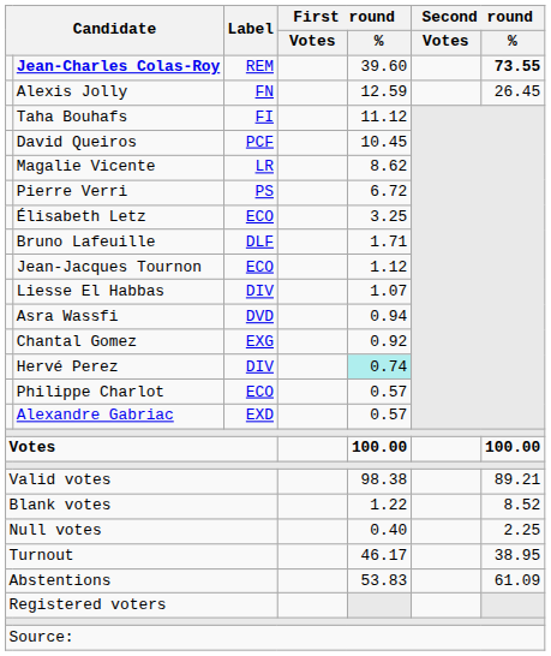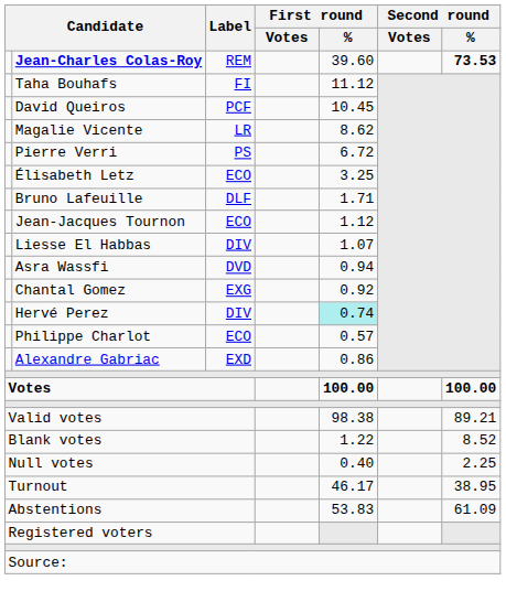 <table class="wikitable" style="text-align:right;font-size:95%;">
 <tr>
 <th rowspan="2" colspan="2">Candidate</th>
 <th rowspan="2">Label</th>
 <th colspan="2">First round</th>
 <th colspan="2">Second round</th>
 </tr>
 <tr>
 <th style="width:50px;">Votes</th>
 <th style="width:45px;">%</th>
 <th style="width:50px;">Votes</th>
 <th style="width:45px;">%</th>
 </tr>
 <tr>
 <td style="color:inherit;background:"></td>
 <td style="text-align:left;"><strong><a href='#'>Jean-Charles Colas-Roy</a></strong></td>
 <td><a href='#'>REM</a></td>
 <td></td>
 <td>39.60</td>
 <td><strong></strong></td>
-<td><strong>73.55</strong></td>
-</tr>
-<tr>
-<td style="color:inherit;background:"></td>
-<td style="text-align:left;">Alexis Jolly</td>
-<td><a href='#'>FN</a></td>
-<td></td>
-<td>12.59</td>
-<td></td>
-<td>26.45</td>
+<td><strong>73.53</strong></td>
 </tr>
 <tr>
 <td style="color:inherit;background:"></td>
 <td style="text-align:left;">Taha Bouhafs</td>
 <td><a href='#'>FI</a></td>
 <td></td>
 <td>11.12</td>
 <td colspan="2" rowspan="13" style="background:#E9E9E9;"></td>
 </tr>
 <tr>
 <td style="color:inherit;background:"></td>
 <td style="text-align:left;">David Queiros</td>
 <td><a href='#'>PCF</a></td>
 <td></td>
 <td>10.45</td>
 </tr>
 <tr>
 <td style="color:inherit;background:"></td>
 <td style="text-align:left;">Magalie Vicente</td>
 <td><a href='#'>LR</a></td>
 <td></td>
 <td>8.62</td>
 </tr>
 <tr>
 <td style="color:inherit;background:"></td>
 <td style="text-align:left;">Pierre Verri</td>
 <td><a href='#'>PS</a></td>
 <td></td>
 <td>6.72</td>
 </tr>
 <tr>
 <td style="color:inherit;background:"></td>
 <td style="text-align:left;">Élisabeth Letz</td>
 <td><a href='#'>ECO</a></td>
 <td></td>
 <td>3.25</td>
 </tr>
 <tr>
 <td style="color:inherit;background:"></td>
 <td style="text-align:left;">Bruno Lafeuille</td>
 <td><a href='#'>DLF</a></td>
 <td></td>
 <td>1.71</td>
 </tr>
 <tr>
 <td style="color:inherit;background:"></td>
 <td style="text-align:left;">Jean-Jacques Tournon</td>
 <td><a href='#'>ECO</a></td>
 <td></td>
 <td>1.12</td>
 </tr>
 <tr>
 <td style="color:inherit;background:"></td>
 <td style="text-align:left;">Liesse El Habbas</td>
 <td><a href='#'>DIV</a></td>
 <td></td>
 <td>1.07</td>
 </tr>
 <tr>
 <td style="color:inherit;background:"></td>
 <td style="text-align:left;">Asra Wassfi</td>
 <td><a href='#'>DVD</a></td>
 <td></td>
 <td>0.94</td>
 </tr>
 <tr>
 <td style="color:inherit;background:"></td>
 <td style="text-align:left;">Chantal Gomez</td>
 <td><a href='#'>EXG</a></td>
 <td></td>
 <td>0.92</td>
 </tr>
 <tr>
 <td style="color:inherit;background:"></td>
 <td style="text-align:left;">Hervé Perez</td>
 <td><a href='#'>DIV</a></td>
 <td></td>
 <td style="background: paleturquoise;">0.74</td>
 </tr>
 <tr>
 <td style="color:inherit;background:"></td>
 <td style="text-align:left;">Philippe Charlot</td>
 <td><a href='#'>ECO</a></td>
 <td></td>
 <td>0.57</td>
 </tr>
 <tr>
 <td style="color:inherit;background:"></td>
 <td style="text-align:left;"><a href='#'>Alexandre Gabriac</a></td>
 <td><a href='#'>EXD</a></td>
 <td></td>
-<td>0.57</td>
+<td>0.86</td>
 </tr>
 <tr>
 <td colspan="7" style="background:#E9E9E9;"></td>
 </tr>
 <tr style="font-weight:bold;">
 <td colspan="3" style="text-align:left;">Votes</td>
 <td></td>
 <td>100.00</td>
 <td></td>
 <td>100.00</td>
 </tr>
 <tr>
 <td colspan="7" style="background:#E9E9E9;"></td>
 </tr>
 <tr>
 <td colspan="3" style="text-align:left;">Valid votes</td>
 <td></td>
 <td>98.38</td>
 <td></td>
 <td>89.21</td>
 </tr>
 <tr>
 <td colspan="3" style="text-align:left;">Blank votes</td>
 <td></td>
 <td>1.22</td>
 <td></td>
 <td>8.52</td>
 </tr>
 <tr>
 <td colspan="3" style="text-align:left;">Null votes</td>
 <td></td>
 <td>0.40</td>
 <td></td>
 <td>2.25</td>
 </tr>
 <tr>
 <td colspan="3" style="text-align:left;">Turnout</td>
 <td></td>
 <td>46.17</td>
 <td></td>
 <td>38.95</td>
 </tr>
 <tr>
 <td colspan="3" style="text-align:left;">Abstentions</td>
 <td></td>
 <td>53.83</td>
 <td></td>
 <td>61.09</td>
 </tr>
 <tr>
 <td colspan="3" style="text-align:left;">Registered voters</td>
 <td></td>
 <td style="color:inherit;background:#E9E9E9;"></td>
 <td></td>
 <td style="color:inherit;background:#E9E9E9;"></td>
 </tr>
 <tr>
 <td colspan="7" style="background:#E9E9E9;"></td>
 </tr>
 <tr>
 <td colspan="7" style="text-align:left;">Source: </td>
 </tr>
 </table>
